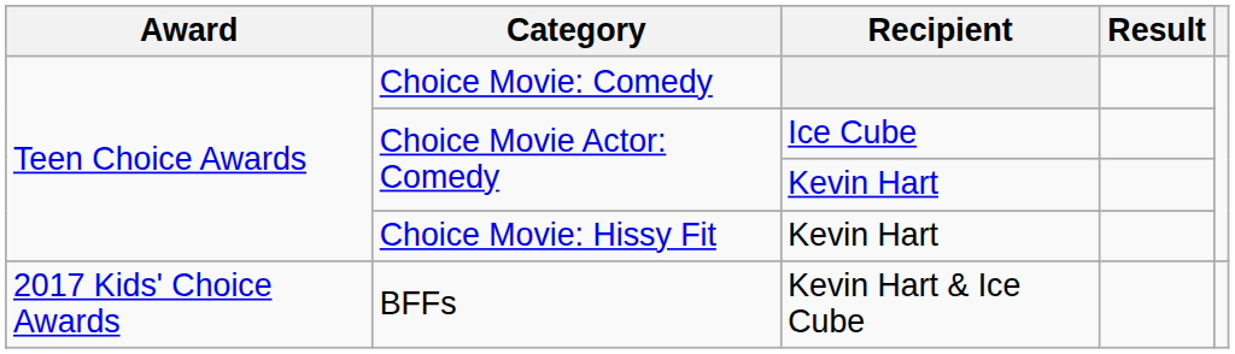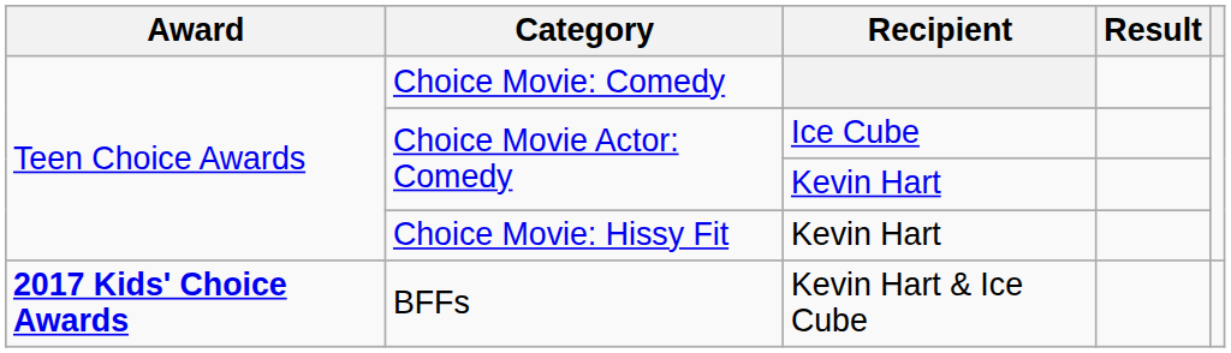 <table class="wikitable sortable">
 <tr>
 <th>Award</th>
 <th>Category</th>
 <th>Recipient</th>
 <th>Result</th>
 <th></th>
 </tr>
 <tr>
 <td rowspan="4"><a href='#'>Teen Choice Awards</a></td>
 <td><a href='#'>Choice Movie: Comedy</a></td>
 <th></th>
 <td></td>
 <td rowspan="4"></td>
 </tr>
 <tr>
 <td rowspan="2"><a href='#'>Choice Movie Actor: Comedy</a></td>
 <td><a href='#'>Ice Cube</a></td>
 <td></td>
 </tr>
 <tr>
 <td><a href='#'>Kevin Hart</a></td>
 <td></td>
 </tr>
 <tr>
 <td><a href='#'>Choice Movie: Hissy Fit</a></td>
 <td>Kevin Hart</td>
 <td></td>
 </tr>
 <tr>
-<td><a href='#'>2017 Kids' Choice Awards</a></td>
+<td><strong><a href='#'>2017 Kids' Choice Awards</a></strong></td>
 <td>BFFs</td>
 <td>Kevin Hart & Ice Cube</td>
 <td></td>
 <td></td>
 </tr>
 </table>
